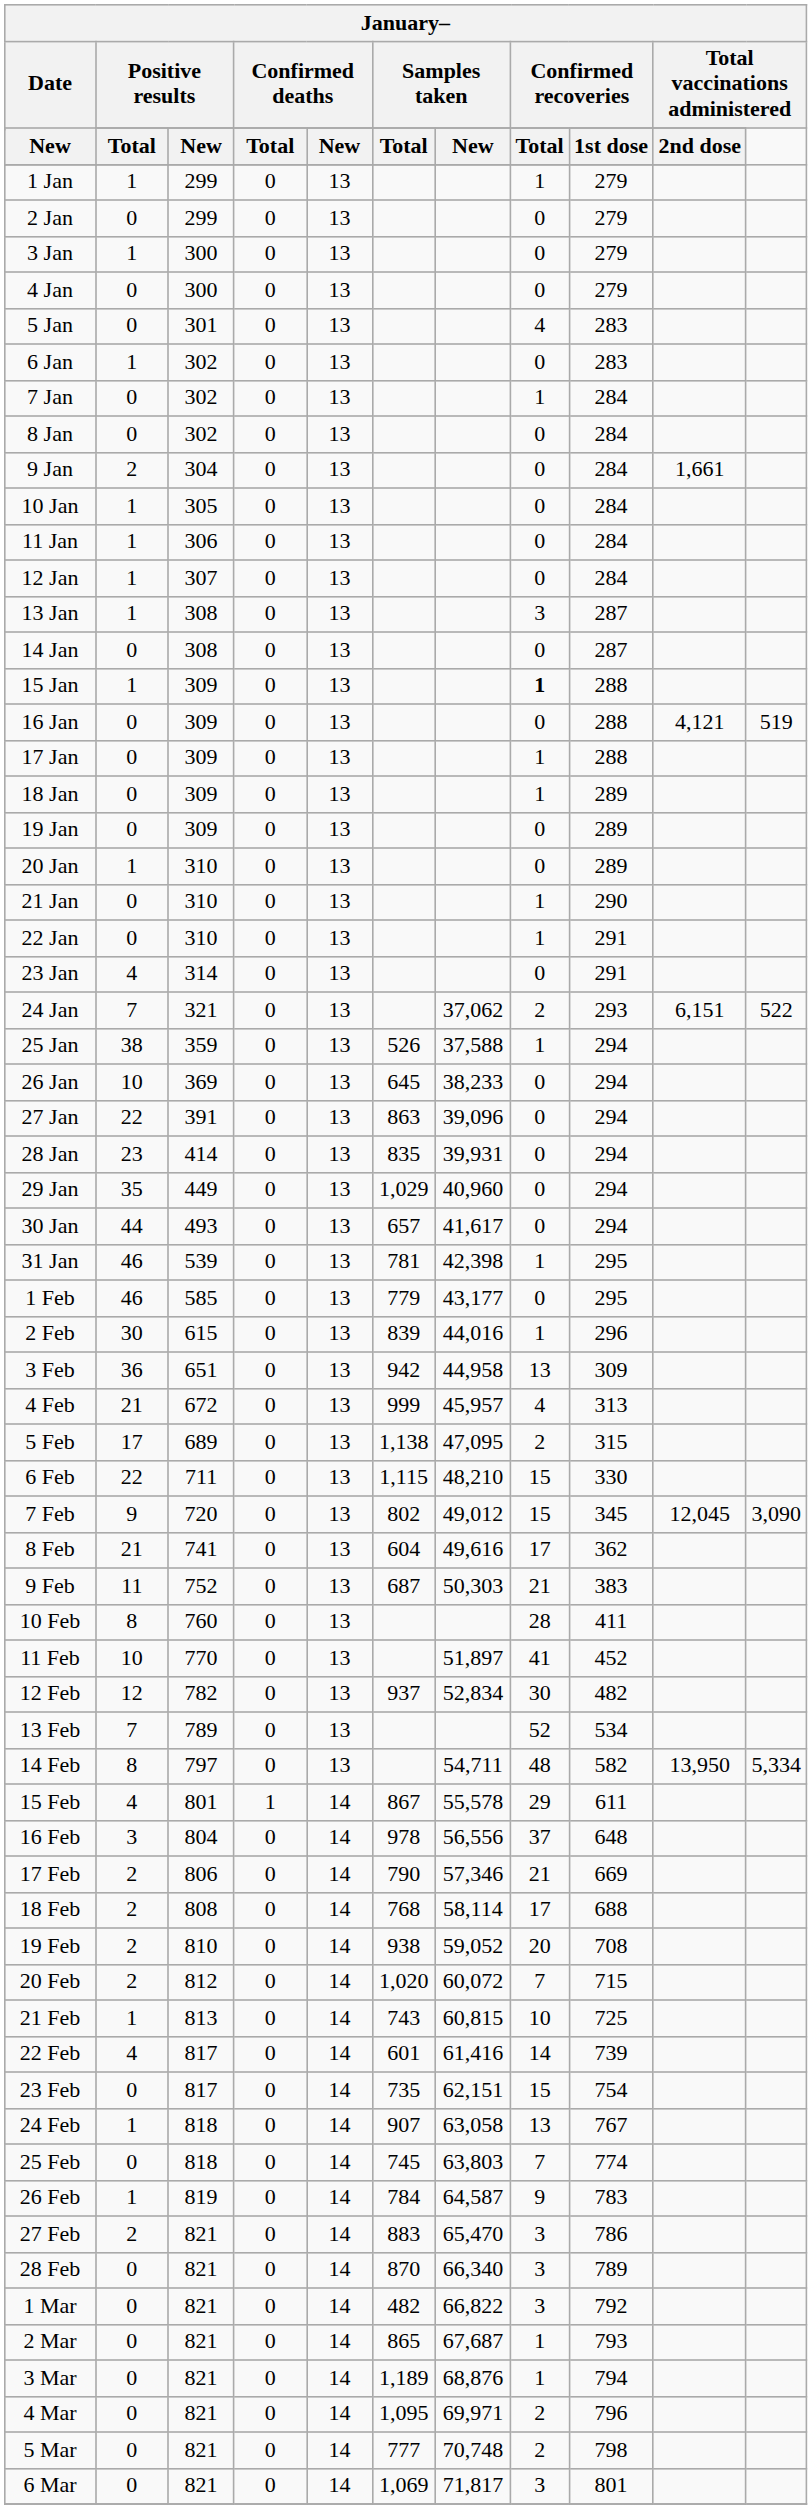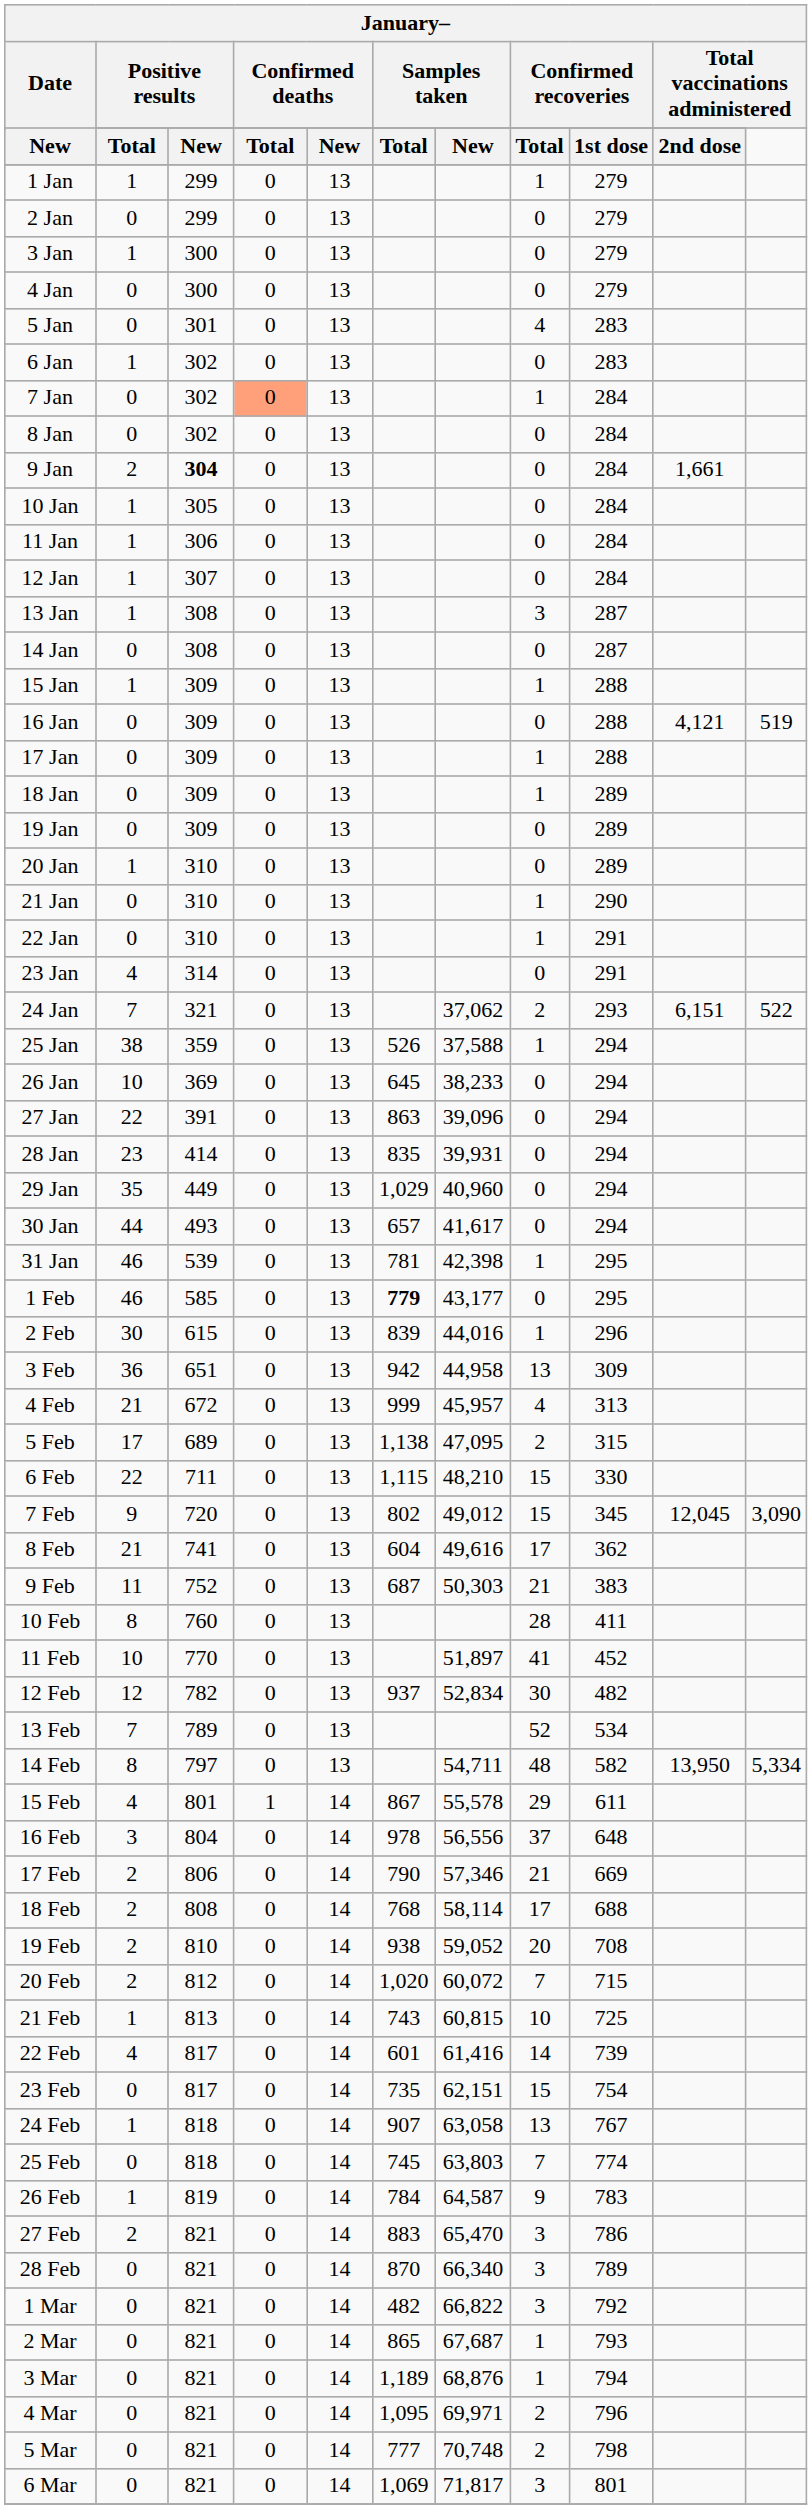 <table class="wikitable collapsible" style="text-align:center; font-size:86%">
 <tr>
 <th colspan="11">January–</th>
 </tr>
 <tr>
 <th rowspan="2" width=50px>Date</th>
 <th colspan="2" width=80px>Positive results</th>
 <th colspan="2" width=80px>Confirmed deaths</th>
 <th colspan="2" width=80px>Samples taken</th>
 <th colspan="2" width=80px>Confirmed recoveries</th>
 <th colspan="2" width=80px>Total vaccinations administered</th>
 </tr>
 <tr>
 </tr>
 <tr>
 <th>New</th>
 <th>Total</th>
 <th>New</th>
 <th>Total</th>
 <th>New</th>
 <th>Total</th>
 <th>New</th>
 <th>Total</th>
 <th>1st dose</th>
 <th>2nd dose</th>
 </tr>
 <tr>
 </tr>
 <tr>
 <td>1 Jan</td>
 <td>1</td>
 <td>299</td>
 <td>0</td>
 <td>13</td>
 <td></td>
 <td></td>
 <td>1</td>
 <td>279</td>
 <td></td>
 <td></td>
 </tr>
 <tr>
 <td>2 Jan</td>
 <td>0</td>
 <td>299</td>
 <td>0</td>
 <td>13</td>
 <td></td>
 <td></td>
 <td>0</td>
 <td>279</td>
 <td></td>
 <td></td>
 </tr>
 <tr>
 <td>3 Jan</td>
 <td>1</td>
 <td>300</td>
 <td>0</td>
 <td>13</td>
 <td></td>
 <td></td>
 <td>0</td>
 <td>279</td>
 <td></td>
 <td></td>
 </tr>
 <tr>
 <td>4 Jan</td>
 <td>0</td>
 <td>300</td>
 <td>0</td>
 <td>13</td>
 <td></td>
 <td></td>
 <td>0</td>
 <td>279</td>
 <td></td>
 <td></td>
 </tr>
 <tr>
 <td>5 Jan</td>
 <td>0</td>
 <td>301</td>
 <td>0</td>
 <td>13</td>
 <td></td>
 <td></td>
 <td>4</td>
 <td>283</td>
 <td></td>
 <td></td>
 </tr>
 <tr>
 <td>6 Jan</td>
 <td>1</td>
 <td>302</td>
 <td>0</td>
 <td>13</td>
 <td></td>
 <td></td>
 <td>0</td>
 <td>283</td>
 <td></td>
 <td></td>
 </tr>
 <tr>
 <td>7 Jan</td>
 <td>0</td>
 <td>302</td>
-<td>0</td>
+<td style="background: lightsalmon;">0</td>
 <td>13</td>
 <td></td>
 <td></td>
 <td>1</td>
 <td>284</td>
 <td></td>
 <td></td>
 </tr>
 <tr>
 <td>8 Jan</td>
 <td>0</td>
 <td>302</td>
 <td>0</td>
 <td>13</td>
 <td></td>
 <td></td>
 <td>0</td>
 <td>284</td>
 <td></td>
 <td></td>
 </tr>
 <tr>
 <td>9 Jan</td>
 <td>2</td>
-<td>304</td>
+<td><strong>304</strong></td>
 <td>0</td>
 <td>13</td>
 <td></td>
 <td></td>
 <td>0</td>
 <td>284</td>
 <td>1,661</td>
 <td></td>
 </tr>
 <tr>
 <td>10 Jan</td>
 <td>1</td>
 <td>305</td>
 <td>0</td>
 <td>13</td>
 <td></td>
 <td></td>
 <td>0</td>
 <td>284</td>
 <td></td>
 <td></td>
 </tr>
 <tr>
 <td>11 Jan</td>
 <td>1</td>
 <td>306</td>
 <td>0</td>
 <td>13</td>
 <td></td>
 <td></td>
 <td>0</td>
 <td>284</td>
 <td></td>
 <td></td>
 </tr>
 <tr>
 <td>12 Jan</td>
 <td>1</td>
 <td>307</td>
 <td>0</td>
 <td>13</td>
 <td></td>
 <td></td>
 <td>0</td>
 <td>284</td>
 <td></td>
 <td></td>
 </tr>
 <tr>
 <td>13 Jan</td>
 <td>1</td>
 <td>308</td>
 <td>0</td>
 <td>13</td>
 <td></td>
 <td></td>
 <td>3</td>
 <td>287</td>
 <td></td>
 <td></td>
 </tr>
 <tr>
 <td>14 Jan</td>
 <td>0</td>
 <td>308</td>
 <td>0</td>
 <td>13</td>
 <td></td>
 <td></td>
 <td>0</td>
 <td>287</td>
 <td></td>
 <td></td>
 </tr>
 <tr>
 <td>15 Jan</td>
 <td>1</td>
 <td>309</td>
 <td>0</td>
 <td>13</td>
 <td></td>
 <td></td>
-<td><strong>1</strong></td>
+<td>1</td>
 <td>288</td>
 <td></td>
 <td></td>
 </tr>
 <tr>
 <td>16 Jan</td>
 <td>0</td>
 <td>309</td>
 <td>0</td>
 <td>13</td>
 <td></td>
 <td></td>
 <td>0</td>
 <td>288</td>
 <td>4,121</td>
 <td>519</td>
 </tr>
 <tr>
 <td>17 Jan</td>
 <td>0</td>
 <td>309</td>
 <td>0</td>
 <td>13</td>
 <td></td>
 <td></td>
 <td>1</td>
 <td>288</td>
 <td></td>
 <td></td>
 </tr>
 <tr>
 <td>18 Jan</td>
 <td>0</td>
 <td>309</td>
 <td>0</td>
 <td>13</td>
 <td></td>
 <td></td>
 <td>1</td>
 <td>289</td>
 <td></td>
 <td></td>
 </tr>
 <tr>
 <td>19 Jan</td>
 <td>0</td>
 <td>309</td>
 <td>0</td>
 <td>13</td>
 <td></td>
 <td></td>
 <td>0</td>
 <td>289</td>
 <td></td>
 <td></td>
 </tr>
 <tr>
 <td>20 Jan</td>
 <td>1</td>
 <td>310</td>
 <td>0</td>
 <td>13</td>
 <td></td>
 <td></td>
 <td>0</td>
 <td>289</td>
 <td></td>
 <td></td>
 </tr>
 <tr>
 <td>21 Jan</td>
 <td>0</td>
 <td>310</td>
 <td>0</td>
 <td>13</td>
 <td></td>
 <td></td>
 <td>1</td>
 <td>290</td>
 <td></td>
 <td></td>
 </tr>
 <tr>
 <td>22 Jan</td>
 <td>0</td>
 <td>310</td>
 <td>0</td>
 <td>13</td>
 <td></td>
 <td></td>
 <td>1</td>
 <td>291</td>
 <td></td>
 <td></td>
 </tr>
 <tr>
 <td>23 Jan</td>
 <td>4</td>
 <td>314</td>
 <td>0</td>
 <td>13</td>
 <td></td>
 <td></td>
 <td>0</td>
 <td>291</td>
 <td></td>
 <td></td>
 </tr>
 <tr>
 <td>24 Jan</td>
 <td>7</td>
 <td>321</td>
 <td>0</td>
 <td>13</td>
 <td></td>
 <td>37,062</td>
 <td>2</td>
 <td>293</td>
 <td>6,151</td>
 <td>522</td>
 </tr>
 <tr>
 <td>25 Jan</td>
 <td>38</td>
 <td>359</td>
 <td>0</td>
 <td>13</td>
 <td>526</td>
 <td>37,588</td>
 <td>1</td>
 <td>294</td>
 <td></td>
 <td></td>
 </tr>
 <tr>
 <td>26 Jan</td>
 <td>10</td>
 <td>369</td>
 <td>0</td>
 <td>13</td>
 <td>645</td>
 <td>38,233</td>
 <td>0</td>
 <td>294</td>
 <td></td>
 <td></td>
 </tr>
 <tr>
 <td>27 Jan</td>
 <td>22</td>
 <td>391</td>
 <td>0</td>
 <td>13</td>
 <td>863</td>
 <td>39,096</td>
 <td>0</td>
 <td>294</td>
 <td></td>
 <td></td>
 </tr>
 <tr>
 <td>28 Jan</td>
 <td>23</td>
 <td>414</td>
 <td>0</td>
 <td>13</td>
 <td>835</td>
 <td>39,931</td>
 <td>0</td>
 <td>294</td>
 <td></td>
 <td></td>
 </tr>
 <tr>
 <td>29 Jan</td>
 <td>35</td>
 <td>449</td>
 <td>0</td>
 <td>13</td>
 <td>1,029</td>
 <td>40,960</td>
 <td>0</td>
 <td>294</td>
 <td></td>
 <td></td>
 </tr>
 <tr>
 <td>30 Jan</td>
 <td>44</td>
 <td>493</td>
 <td>0</td>
 <td>13</td>
 <td>657</td>
 <td>41,617</td>
 <td>0</td>
 <td>294</td>
 <td></td>
 <td></td>
 </tr>
 <tr>
 <td>31 Jan</td>
 <td>46</td>
 <td>539</td>
 <td>0</td>
 <td>13</td>
 <td>781</td>
 <td>42,398</td>
 <td>1</td>
 <td>295</td>
 <td></td>
 <td></td>
 </tr>
 <tr>
 <td>1 Feb</td>
 <td>46</td>
 <td>585</td>
 <td>0</td>
 <td>13</td>
-<td>779</td>
+<td><strong>779</strong></td>
 <td>43,177</td>
 <td>0</td>
 <td>295</td>
 <td></td>
 <td></td>
 </tr>
 <tr>
 <td>2 Feb</td>
 <td>30</td>
 <td>615</td>
 <td>0</td>
 <td>13</td>
 <td>839</td>
 <td>44,016</td>
 <td>1</td>
 <td>296</td>
 <td></td>
 <td></td>
 </tr>
 <tr>
 <td>3 Feb</td>
 <td>36</td>
 <td>651</td>
 <td>0</td>
 <td>13</td>
 <td>942</td>
 <td>44,958</td>
 <td>13</td>
 <td>309</td>
 <td></td>
 <td></td>
 </tr>
 <tr>
 <td>4 Feb</td>
 <td>21</td>
 <td>672</td>
 <td>0</td>
 <td>13</td>
 <td>999</td>
 <td>45,957</td>
 <td>4</td>
 <td>313</td>
 <td></td>
 <td></td>
 </tr>
 <tr>
 <td>5 Feb</td>
 <td>17</td>
 <td>689</td>
 <td>0</td>
 <td>13</td>
 <td>1,138</td>
 <td>47,095</td>
 <td>2</td>
 <td>315</td>
 <td></td>
 <td></td>
 </tr>
 <tr>
 <td>6 Feb</td>
 <td>22</td>
 <td>711</td>
 <td>0</td>
 <td>13</td>
 <td>1,115</td>
 <td>48,210</td>
 <td>15</td>
 <td>330</td>
 <td></td>
 <td></td>
 </tr>
 <tr>
 <td>7 Feb</td>
 <td>9</td>
 <td>720</td>
 <td>0</td>
 <td>13</td>
 <td>802</td>
 <td>49,012</td>
 <td>15</td>
 <td>345</td>
 <td>12,045</td>
 <td>3,090</td>
 </tr>
 <tr>
 <td>8 Feb</td>
 <td>21</td>
 <td>741</td>
 <td>0</td>
 <td>13</td>
 <td>604</td>
 <td>49,616</td>
 <td>17</td>
 <td>362</td>
 <td></td>
 <td></td>
 </tr>
 <tr>
 <td>9 Feb</td>
 <td>11</td>
 <td>752</td>
 <td>0</td>
 <td>13</td>
 <td>687</td>
 <td>50,303</td>
 <td>21</td>
 <td>383</td>
 <td></td>
 <td></td>
 </tr>
 <tr>
 <td>10 Feb</td>
 <td>8</td>
 <td>760</td>
 <td>0</td>
 <td>13</td>
 <td></td>
 <td></td>
 <td>28</td>
 <td>411</td>
 <td></td>
 <td></td>
 </tr>
 <tr>
 <td>11 Feb</td>
 <td>10</td>
 <td>770</td>
 <td>0</td>
 <td>13</td>
 <td></td>
 <td>51,897</td>
 <td>41</td>
 <td>452</td>
 <td></td>
 <td></td>
 </tr>
 <tr>
 <td>12 Feb</td>
 <td>12</td>
 <td>782</td>
 <td>0</td>
 <td>13</td>
 <td>937</td>
 <td>52,834</td>
 <td>30</td>
 <td>482</td>
 <td></td>
 <td></td>
 </tr>
 <tr>
 <td>13 Feb</td>
 <td>7</td>
 <td>789</td>
 <td>0</td>
 <td>13</td>
 <td></td>
 <td></td>
 <td>52</td>
 <td>534</td>
 <td></td>
 <td></td>
 </tr>
 <tr>
 <td>14 Feb</td>
 <td>8</td>
 <td>797</td>
 <td>0</td>
 <td>13</td>
 <td></td>
 <td>54,711</td>
 <td>48</td>
 <td>582</td>
 <td>13,950</td>
 <td>5,334</td>
 </tr>
 <tr>
 <td>15 Feb</td>
 <td>4</td>
 <td>801</td>
 <td>1</td>
 <td>14</td>
 <td>867</td>
 <td>55,578</td>
 <td>29</td>
 <td>611</td>
 <td></td>
 <td></td>
 </tr>
 <tr>
 <td>16 Feb</td>
 <td>3</td>
 <td>804</td>
 <td>0</td>
 <td>14</td>
 <td>978</td>
 <td>56,556</td>
 <td>37</td>
 <td>648</td>
 <td></td>
 <td></td>
 </tr>
 <tr>
 <td>17 Feb</td>
 <td>2</td>
 <td>806</td>
 <td>0</td>
 <td>14</td>
 <td>790</td>
 <td>57,346</td>
 <td>21</td>
 <td>669</td>
 <td></td>
 <td></td>
 </tr>
 <tr>
 <td>18 Feb</td>
 <td>2</td>
 <td>808</td>
 <td>0</td>
 <td>14</td>
 <td>768</td>
 <td>58,114</td>
 <td>17</td>
 <td>688</td>
 <td></td>
 <td></td>
 </tr>
 <tr>
 <td>19 Feb</td>
 <td>2</td>
 <td>810</td>
 <td>0</td>
 <td>14</td>
 <td>938</td>
 <td>59,052</td>
 <td>20</td>
 <td>708</td>
 <td></td>
 <td></td>
 </tr>
 <tr>
 <td>20 Feb</td>
 <td>2</td>
 <td>812</td>
 <td>0</td>
 <td>14</td>
 <td>1,020</td>
 <td>60,072</td>
 <td>7</td>
 <td>715</td>
 <td></td>
 <td></td>
 </tr>
 <tr>
 <td>21 Feb</td>
 <td>1</td>
 <td>813</td>
 <td>0</td>
 <td>14</td>
 <td>743</td>
 <td>60,815</td>
 <td>10</td>
 <td>725</td>
 <td></td>
 <td></td>
 </tr>
 <tr>
 <td>22 Feb</td>
 <td>4</td>
 <td>817</td>
 <td>0</td>
 <td>14</td>
 <td>601</td>
 <td>61,416</td>
 <td>14</td>
 <td>739</td>
 <td></td>
 <td></td>
 </tr>
 <tr>
 <td>23 Feb</td>
 <td>0</td>
 <td>817</td>
 <td>0</td>
 <td>14</td>
 <td>735</td>
 <td>62,151</td>
 <td>15</td>
 <td>754</td>
 <td></td>
 <td></td>
 </tr>
 <tr>
 <td>24 Feb</td>
 <td>1</td>
 <td>818</td>
 <td>0</td>
 <td>14</td>
 <td>907</td>
 <td>63,058</td>
 <td>13</td>
 <td>767</td>
 <td></td>
 <td></td>
 </tr>
 <tr>
 <td>25 Feb</td>
 <td>0</td>
 <td>818</td>
 <td>0</td>
 <td>14</td>
 <td>745</td>
 <td>63,803</td>
 <td>7</td>
 <td>774</td>
 <td></td>
 <td></td>
 </tr>
 <tr>
 <td>26 Feb</td>
 <td>1</td>
 <td>819</td>
 <td>0</td>
 <td>14</td>
 <td>784</td>
 <td>64,587</td>
 <td>9</td>
 <td>783</td>
 <td></td>
 <td></td>
 </tr>
 <tr>
 <td>27 Feb</td>
 <td>2</td>
 <td>821</td>
 <td>0</td>
 <td>14</td>
 <td>883</td>
 <td>65,470</td>
 <td>3</td>
 <td>786</td>
 <td></td>
 <td></td>
 </tr>
 <tr>
 <td>28 Feb</td>
 <td>0</td>
 <td>821</td>
 <td>0</td>
 <td>14</td>
 <td>870</td>
 <td>66,340</td>
 <td>3</td>
 <td>789</td>
 <td></td>
 <td></td>
 </tr>
 <tr>
 <td>1 Mar</td>
 <td>0</td>
 <td>821</td>
 <td>0</td>
 <td>14</td>
 <td>482</td>
 <td>66,822</td>
 <td>3</td>
 <td>792</td>
 <td></td>
 <td></td>
 </tr>
 <tr>
 <td>2 Mar</td>
 <td>0</td>
 <td>821</td>
 <td>0</td>
 <td>14</td>
 <td>865</td>
 <td>67,687</td>
 <td>1</td>
 <td>793</td>
 <td></td>
 <td></td>
 </tr>
 <tr>
 <td>3 Mar</td>
 <td>0</td>
 <td>821</td>
 <td>0</td>
 <td>14</td>
 <td>1,189</td>
 <td>68,876</td>
 <td>1</td>
 <td>794</td>
 <td></td>
 <td></td>
 </tr>
 <tr>
 <td>4 Mar</td>
 <td>0</td>
 <td>821</td>
 <td>0</td>
 <td>14</td>
 <td>1,095</td>
 <td>69,971</td>
 <td>2</td>
 <td>796</td>
 <td></td>
 <td></td>
 </tr>
 <tr>
 <td>5 Mar</td>
 <td>0</td>
 <td>821</td>
 <td>0</td>
 <td>14</td>
 <td>777</td>
 <td>70,748</td>
 <td>2</td>
 <td>798</td>
 <td></td>
 <td></td>
 </tr>
 <tr>
 <td>6 Mar</td>
 <td>0</td>
 <td>821</td>
 <td>0</td>
 <td>14</td>
 <td>1,069</td>
 <td>71,817</td>
 <td>3</td>
 <td>801</td>
 <td></td>
 <td></td>
 </tr>
 <tr>
 </tr>
 </table>
